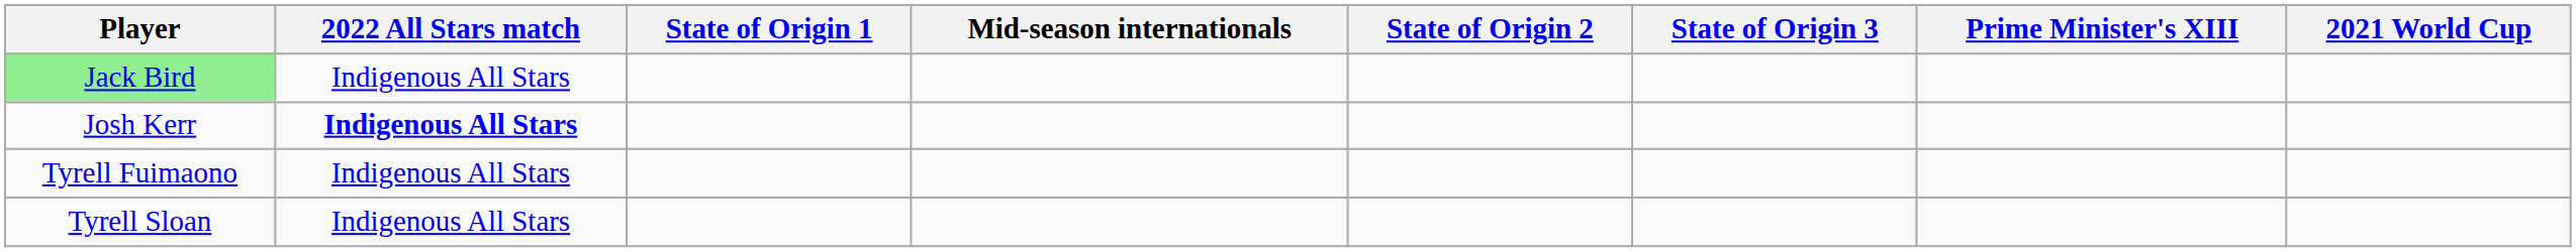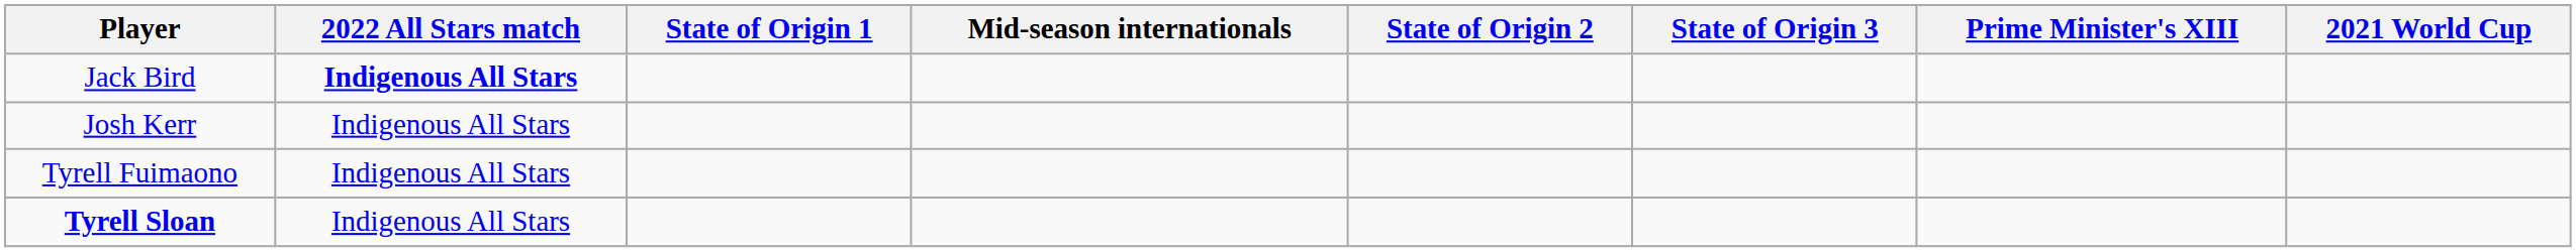 <table class="wikitable" style="width:100%; text-align:center; font-size:90%;">
 <tr>
 <th>Player</th>
 <th><a href='#'>2022 All Stars match</a></th>
 <th><a href='#'>State of Origin 1</a></th>
 <th>Mid-season internationals</th>
 <th><a href='#'>State of Origin 2</a></th>
 <th><a href='#'>State of Origin 3</a></th>
 <th><a href='#'>Prime Minister's XIII</a></th>
 <th><a href='#'>2021 World Cup</a></th>
 </tr>
 <tr>
-<td style="background: lightgreen;"><a href='#'>Jack Bird</a></td>
-<td><a href='#'>Indigenous All Stars</a></td>
+<td><a href='#'>Jack Bird</a></td>
+<td><strong><a href='#'>Indigenous All Stars</a></strong></td>
 <td></td>
 <td></td>
 <td></td>
 <td></td>
 <td></td>
 <td></td>
 </tr>
 <tr>
 <td><a href='#'>Josh Kerr</a></td>
-<td><strong><a href='#'>Indigenous All Stars</a></strong></td>
+<td><a href='#'>Indigenous All Stars</a></td>
 <td></td>
 <td></td>
 <td></td>
 <td></td>
 <td></td>
 <td></td>
 </tr>
 <tr>
 <td><a href='#'>Tyrell Fuimaono</a></td>
 <td><a href='#'>Indigenous All Stars</a></td>
 <td></td>
 <td></td>
 <td></td>
 <td></td>
 <td></td>
 <td></td>
 </tr>
 <tr>
-<td><a href='#'>Tyrell Sloan</a></td>
+<td><strong><a href='#'>Tyrell Sloan</a></strong></td>
 <td><a href='#'>Indigenous All Stars</a></td>
 <td></td>
 <td></td>
 <td></td>
 <td></td>
 <td></td>
 <td></td>
 </tr>
 </table>
